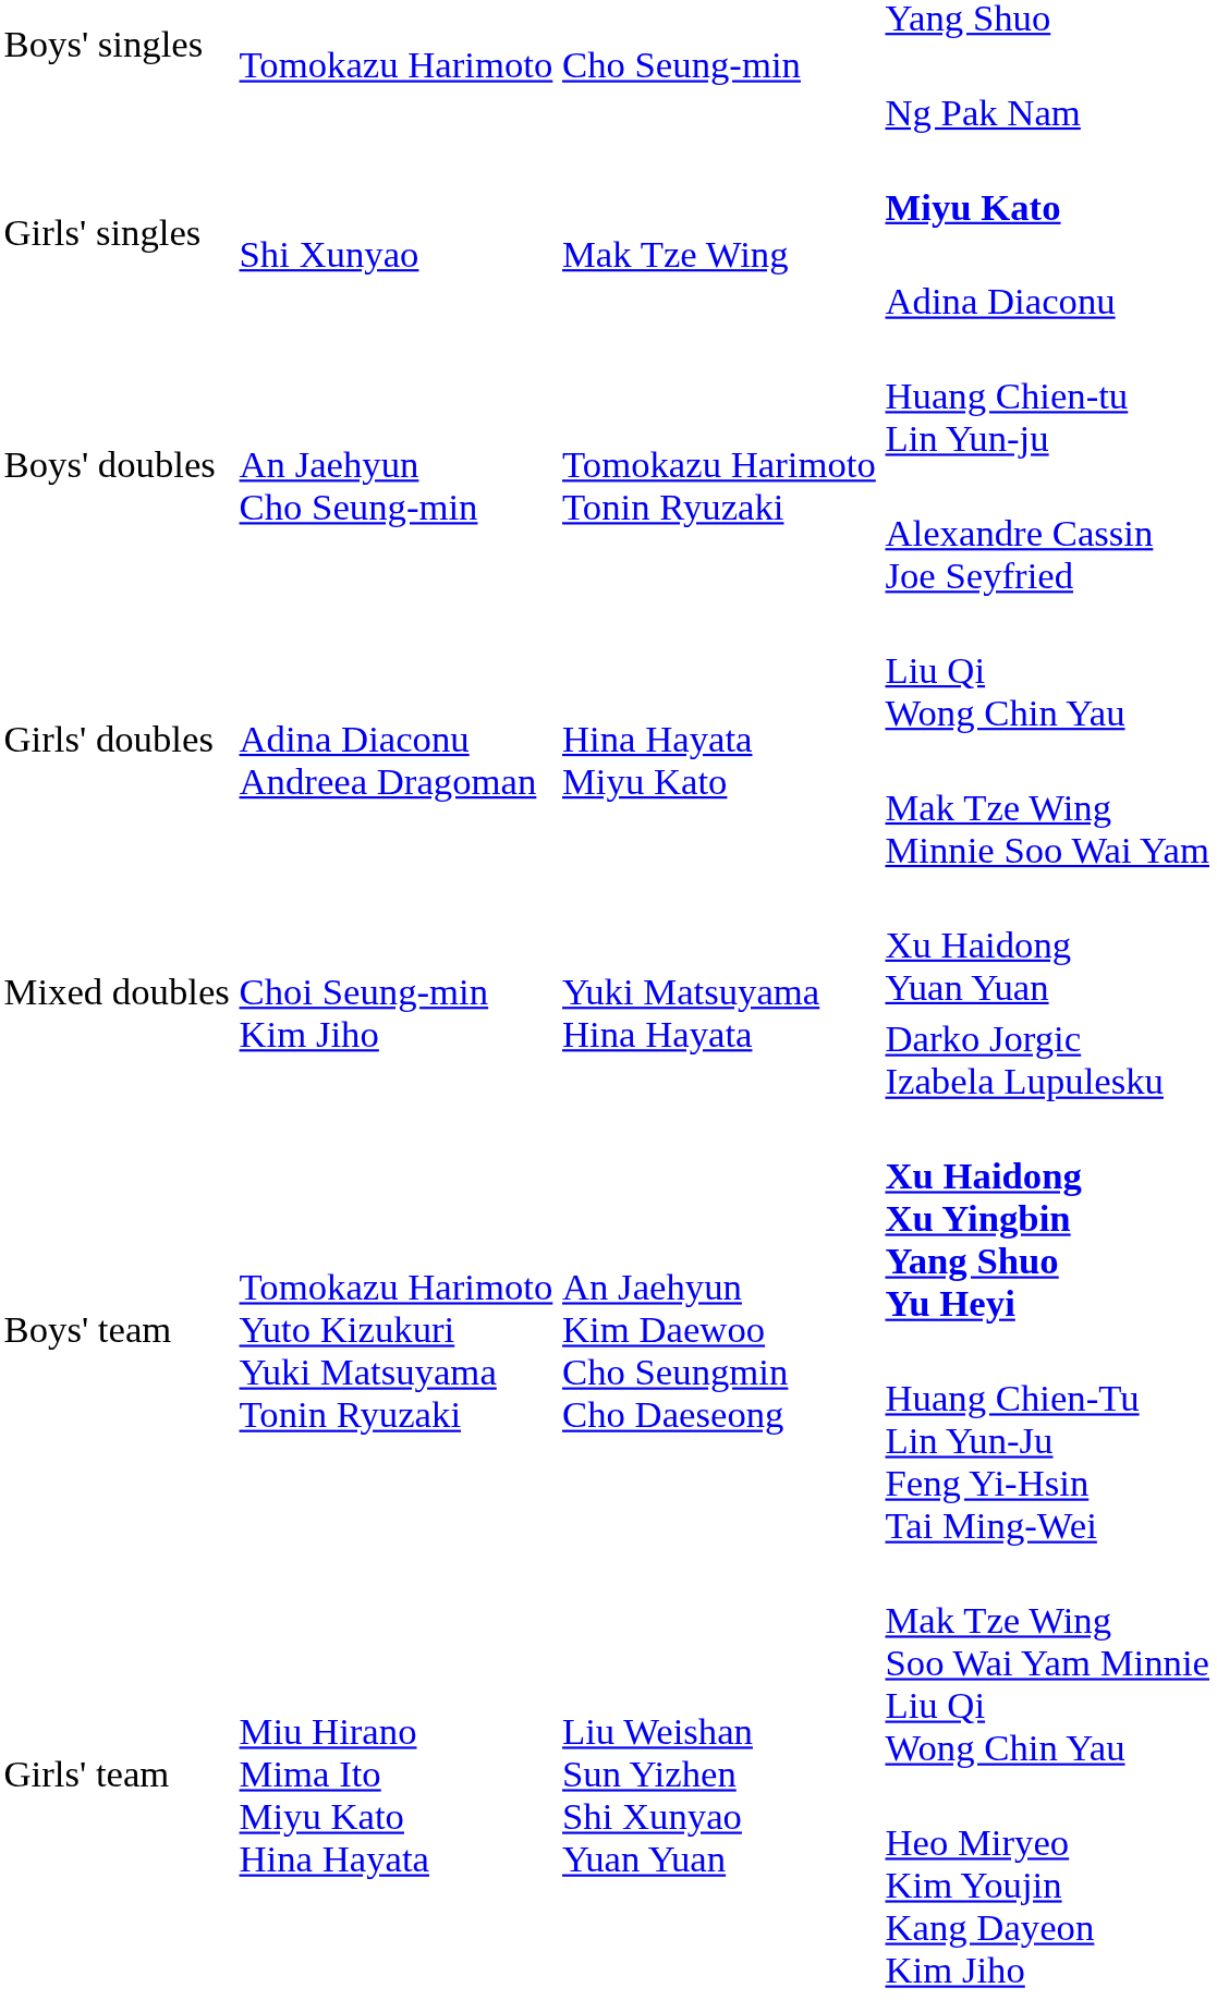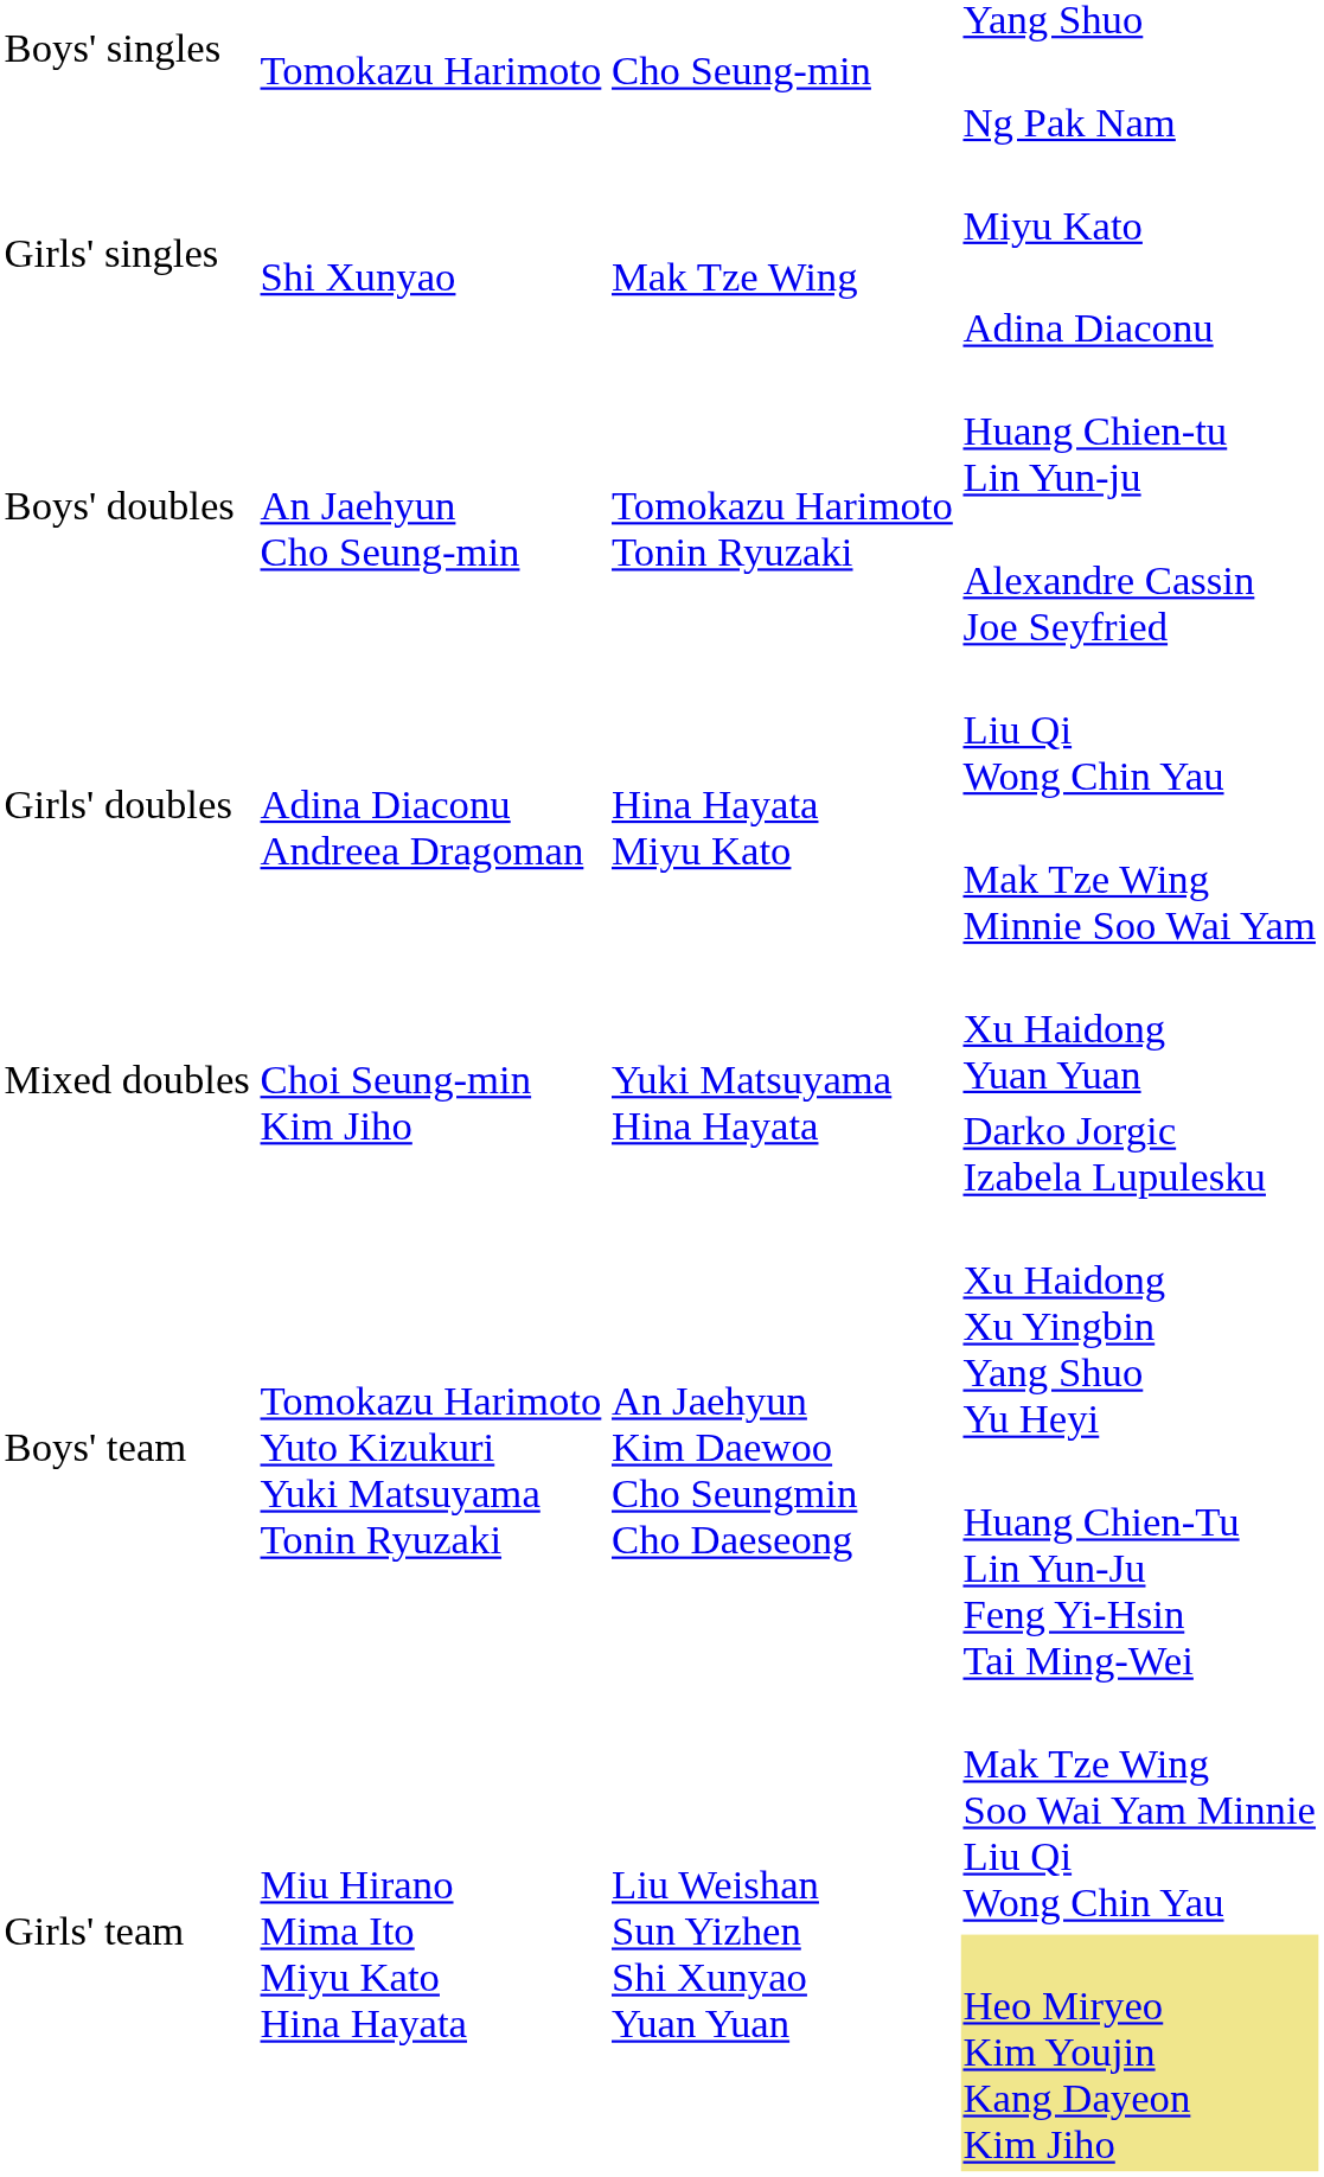 <table>
 <tr>
 <td rowspan=2>Boys' singles</td>
 <td rowspan=2><br><a href='#'>Tomokazu Harimoto</a></td>
 <td rowspan=2><br><a href='#'>Cho Seung-min</a></td>
 <td><br><a href='#'>Yang Shuo</a></td>
 </tr>
 <tr>
 <td><br><a href='#'>Ng Pak Nam</a></td>
 </tr>
 <tr>
 <td rowspan=2>Girls' singles</td>
 <td rowspan=2><br><a href='#'>Shi Xunyao</a></td>
 <td rowspan=2><br><a href='#'>Mak Tze Wing</a></td>
-<td><strong><br><a href='#'>Miyu Kato</a></strong></td>
+<td><br><a href='#'>Miyu Kato</a></td>
 </tr>
 <tr>
 <td><br><a href='#'>Adina Diaconu</a></td>
 </tr>
 <tr>
 <td rowspan=2>Boys' doubles</td>
 <td rowspan=2><br><a href='#'>An Jaehyun</a><br><a href='#'>Cho Seung-min</a></td>
 <td rowspan=2><br><a href='#'>Tomokazu Harimoto</a><br><a href='#'>Tonin Ryuzaki</a></td>
 <td><br><a href='#'>Huang Chien-tu</a><br><a href='#'>Lin Yun-ju</a></td>
 </tr>
 <tr>
 <td><br><a href='#'>Alexandre Cassin</a><br><a href='#'>Joe Seyfried</a></td>
 </tr>
 <tr>
 <td rowspan=2>Girls' doubles</td>
 <td rowspan=2><br><a href='#'>Adina Diaconu</a><br><a href='#'>Andreea Dragoman</a></td>
 <td rowspan=2><br><a href='#'>Hina Hayata</a><br><a href='#'>Miyu Kato</a></td>
 <td><br><a href='#'>Liu Qi</a><br><a href='#'>Wong Chin Yau</a></td>
 </tr>
 <tr>
 <td><br><a href='#'>Mak Tze Wing</a><br><a href='#'>Minnie Soo Wai Yam</a></td>
 </tr>
 <tr>
 <td rowspan=2>Mixed doubles</td>
 <td rowspan=2><br><a href='#'>Choi Seung-min</a><br><a href='#'>Kim Jiho</a></td>
 <td rowspan=2><br><a href='#'>Yuki Matsuyama</a><br><a href='#'>Hina Hayata</a></td>
 <td><br><a href='#'>Xu Haidong</a><br><a href='#'>Yuan Yuan</a></td>
 </tr>
 <tr>
 <td> <a href='#'>Darko Jorgic</a><br> <a href='#'>Izabela Lupulesku</a></td>
 </tr>
 <tr>
 <td rowspan=2>Boys' team</td>
 <td rowspan=2><br><a href='#'>Tomokazu Harimoto</a><br><a href='#'>Yuto Kizukuri</a><br><a href='#'>Yuki Matsuyama</a><br><a href='#'>Tonin Ryuzaki</a></td>
 <td rowspan=2><br><a href='#'>An Jaehyun</a><br><a href='#'>Kim Daewoo</a><br><a href='#'>Cho Seungmin</a><br><a href='#'>Cho Daeseong</a></td>
-<td><strong><br><a href='#'>Xu Haidong</a><br><a href='#'>Xu Yingbin</a><br><a href='#'>Yang Shuo</a><br><a href='#'>Yu Heyi</a></strong></td>
+<td><br><a href='#'>Xu Haidong</a><br><a href='#'>Xu Yingbin</a><br><a href='#'>Yang Shuo</a><br><a href='#'>Yu Heyi</a></td>
 </tr>
 <tr>
 <td><br><a href='#'>Huang Chien-Tu</a><br><a href='#'>Lin Yun-Ju</a><br><a href='#'>Feng Yi-Hsin</a><br><a href='#'>Tai Ming-Wei</a></td>
 </tr>
 <tr>
 <td rowspan=2>Girls' team</td>
 <td rowspan=2><br><a href='#'>Miu Hirano</a><br><a href='#'>Mima Ito</a><br><a href='#'>Miyu Kato</a><br><a href='#'>Hina Hayata</a></td>
 <td rowspan=2><br><a href='#'>Liu Weishan</a><br><a href='#'>Sun Yizhen</a><br><a href='#'>Shi Xunyao</a><br><a href='#'>Yuan Yuan</a></td>
 <td><br><a href='#'>Mak Tze Wing</a><br><a href='#'>Soo Wai Yam Minnie</a><br><a href='#'>Liu Qi</a><br><a href='#'>Wong Chin Yau</a></td>
 </tr>
 <tr>
-<td><br><a href='#'>Heo Miryeo</a><br><a href='#'>Kim Youjin</a><br><a href='#'>Kang Dayeon</a><br><a href='#'>Kim Jiho</a></td>
+<td style="background: khaki;"><br><a href='#'>Heo Miryeo</a><br><a href='#'>Kim Youjin</a><br><a href='#'>Kang Dayeon</a><br><a href='#'>Kim Jiho</a></td>
 </tr>
 </table>
